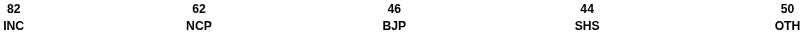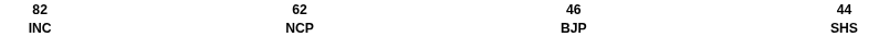 <table style="width:100%; text-align:center;">
 <tr>
 <td style="background:"><strong>82</strong></td>
 <td style="background:"><strong>62</strong></td>
 <td style="background:"><strong>46</strong></td>
 <td style="background:"><strong>44</strong></td>
-<td style="background:"><strong>50</strong></td>
 </tr>
 <tr>
 <td><span><strong>INC</strong></span></td>
 <td><span><strong>NCP</strong></span></td>
 <td><span><strong>BJP</strong></span></td>
 <td><span><strong>SHS</strong></span></td>
-<td><span><strong>OTH</strong></span></td>
 </tr>
 </table>
